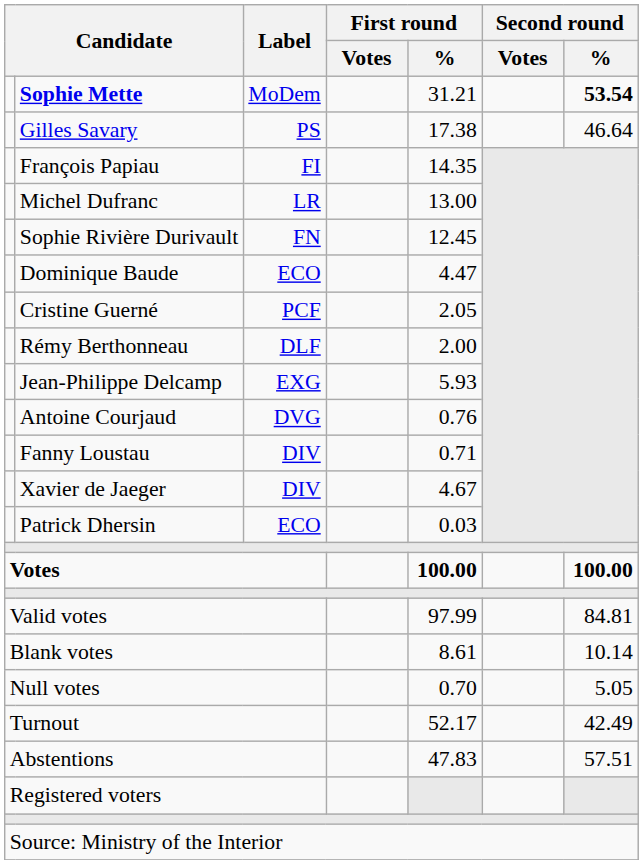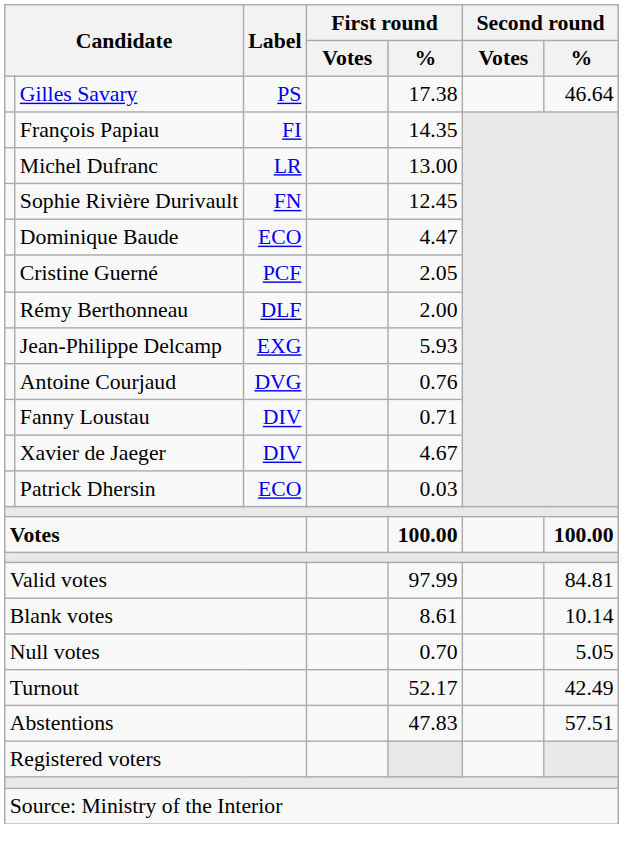 <table class="wikitable" style="text-align:right;font-size:95%;">
 <tr>
 <th rowspan="2" colspan="2">Candidate</th>
 <th rowspan="2">Label</th>
 <th colspan="2">First round</th>
 <th colspan="2">Second round</th>
 </tr>
 <tr>
 <th style="width:50px;">Votes</th>
 <th style="width:45px;">%</th>
 <th style="width:50px;">Votes</th>
 <th style="width:45px;">%</th>
-</tr>
-<tr>
-<td style="color:inherit;background:"></td>
-<td style="text-align:left;"><strong><a href='#'>Sophie Mette</a></strong></td>
-<td><a href='#'>MoDem</a></td>
-<td></td>
-<td>31.21</td>
-<td><strong></strong></td>
-<td><strong>53.54</strong></td>
 </tr>
 <tr>
 <td style="color:inherit;background:"></td>
 <td style="text-align:left;"><a href='#'>Gilles Savary</a></td>
 <td><a href='#'>PS</a></td>
 <td></td>
 <td>17.38</td>
 <td></td>
 <td>46.64</td>
 </tr>
 <tr>
 <td style="color:inherit;background:"></td>
 <td style="text-align:left;">François Papiau</td>
 <td><a href='#'>FI</a></td>
 <td></td>
 <td>14.35</td>
 <td colspan="2" rowspan="11" style="background:#E9E9E9;"></td>
 </tr>
 <tr>
 <td style="color:inherit;background:"></td>
 <td style="text-align:left;">Michel Dufranc</td>
 <td><a href='#'>LR</a></td>
 <td></td>
 <td>13.00</td>
 </tr>
 <tr>
 <td style="color:inherit;background:"></td>
 <td style="text-align:left;">Sophie Rivière Durivault</td>
 <td><a href='#'>FN</a></td>
 <td></td>
 <td>12.45</td>
 </tr>
 <tr>
 <td style="color:inherit;background:"></td>
 <td style="text-align:left;">Dominique Baude</td>
 <td><a href='#'>ECO</a></td>
 <td></td>
 <td>4.47</td>
 </tr>
 <tr>
 <td style="color:inherit;background:"></td>
 <td style="text-align:left;">Cristine Guerné</td>
 <td><a href='#'>PCF</a></td>
 <td></td>
 <td>2.05</td>
 </tr>
 <tr>
 <td style="color:inherit;background:"></td>
 <td style="text-align:left;">Rémy Berthonneau</td>
 <td><a href='#'>DLF</a></td>
 <td></td>
 <td>2.00</td>
 </tr>
 <tr>
 <td style="color:inherit;background:"></td>
 <td style="text-align:left;">Jean-Philippe Delcamp</td>
 <td><a href='#'>EXG</a></td>
 <td></td>
 <td>5.93</td>
 </tr>
 <tr>
 <td style="color:inherit;background:"></td>
 <td style="text-align:left;">Antoine Courjaud</td>
 <td><a href='#'>DVG</a></td>
 <td></td>
 <td>0.76</td>
 </tr>
 <tr>
 <td style="color:inherit;background:"></td>
 <td style="text-align:left;">Fanny Loustau</td>
 <td><a href='#'>DIV</a></td>
 <td></td>
 <td>0.71</td>
 </tr>
 <tr>
 <td style="color:inherit;background:"></td>
 <td style="text-align:left;">Xavier de Jaeger</td>
 <td><a href='#'>DIV</a></td>
 <td></td>
 <td>4.67</td>
 </tr>
 <tr>
 <td style="color:inherit;background:"></td>
 <td style="text-align:left;">Patrick Dhersin</td>
 <td><a href='#'>ECO</a></td>
 <td></td>
 <td>0.03</td>
 </tr>
 <tr>
 <td colspan="7" style="background:#E9E9E9;"></td>
 </tr>
 <tr style="font-weight:bold;">
 <td colspan="3" style="text-align:left;">Votes</td>
 <td></td>
 <td>100.00</td>
 <td></td>
 <td>100.00</td>
 </tr>
 <tr>
 <td colspan="7" style="background:#E9E9E9;"></td>
 </tr>
 <tr>
 <td colspan="3" style="text-align:left;">Valid votes</td>
 <td></td>
 <td>97.99</td>
 <td></td>
 <td>84.81</td>
 </tr>
 <tr>
 <td colspan="3" style="text-align:left;">Blank votes</td>
 <td></td>
 <td>8.61</td>
 <td></td>
 <td>10.14</td>
 </tr>
 <tr>
 <td colspan="3" style="text-align:left;">Null votes</td>
 <td></td>
 <td>0.70</td>
 <td></td>
 <td>5.05</td>
 </tr>
 <tr>
 <td colspan="3" style="text-align:left;">Turnout</td>
 <td></td>
 <td>52.17</td>
 <td></td>
 <td>42.49</td>
 </tr>
 <tr>
 <td colspan="3" style="text-align:left;">Abstentions</td>
 <td></td>
 <td>47.83</td>
 <td></td>
 <td>57.51</td>
 </tr>
 <tr>
 <td colspan="3" style="text-align:left;">Registered voters</td>
 <td></td>
 <td style="color:inherit;background:#E9E9E9;"></td>
 <td></td>
 <td style="color:inherit;background:#E9E9E9;"></td>
 </tr>
 <tr>
 <td colspan="7" style="background:#E9E9E9;"></td>
 </tr>
 <tr>
 <td colspan="7" style="text-align:left;">Source: Ministry of the Interior</td>
 </tr>
 </table>
